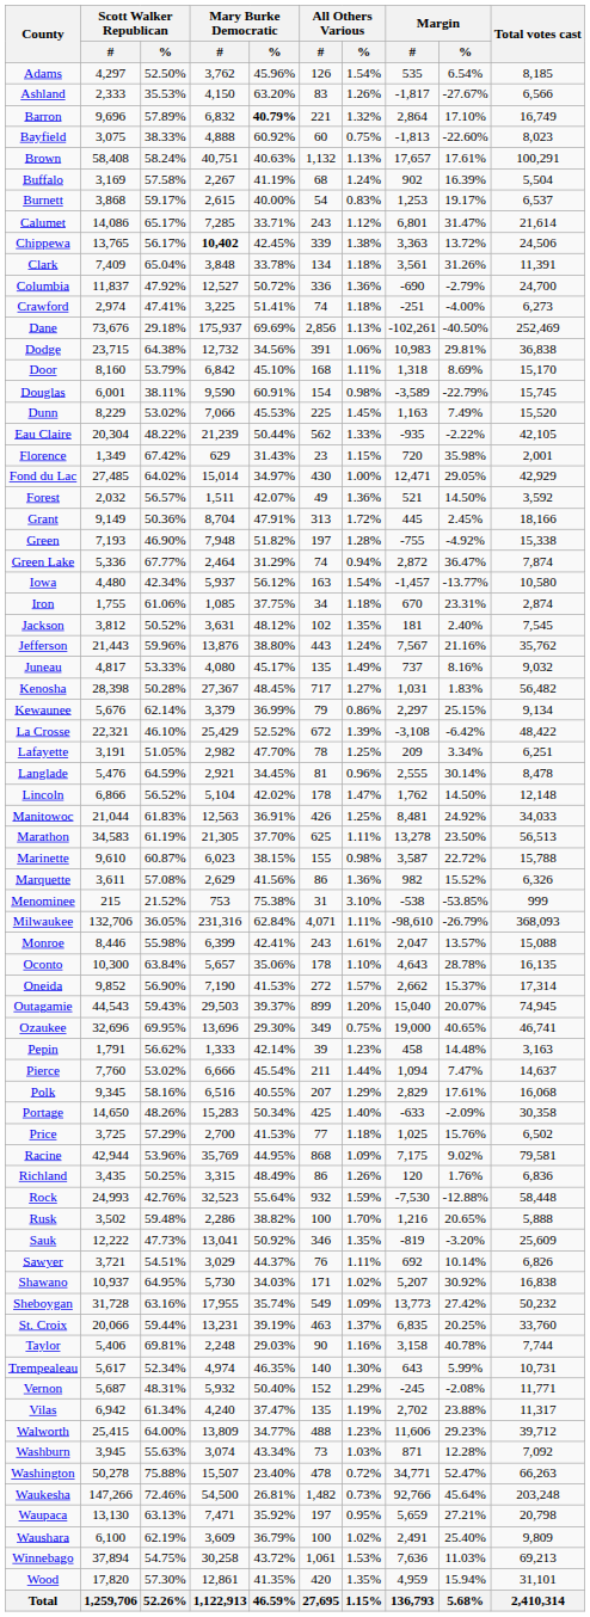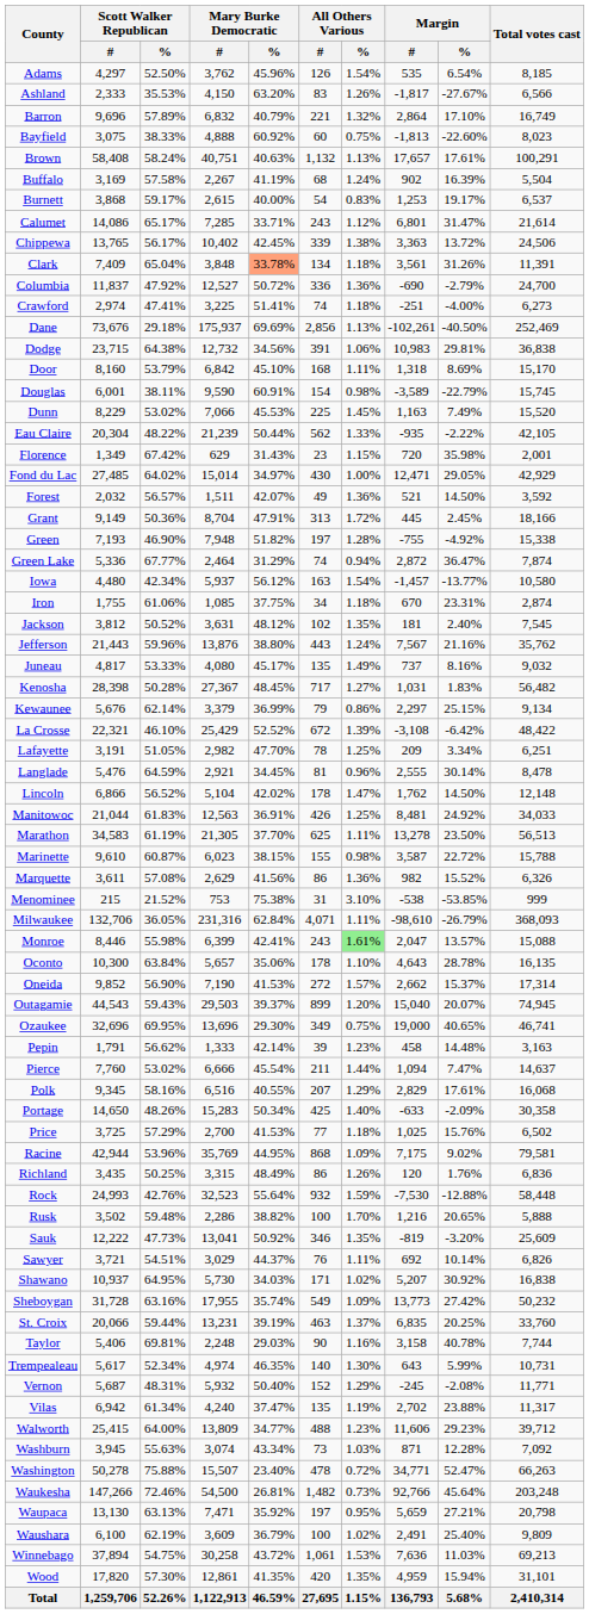 <table class="wikitable sortable" style="text-align:center">
 <tr>
 <th rowspan="2" style="text-align:center;">County</th>
 <th colspan="2" style="text-align:center;">Scott Walker<br>Republican</th>
 <th colspan="2" style="text-align:center;">Mary Burke<br>Democratic</th>
 <th colspan="2" style="text-align:center;">All Others<br>Various</th>
 <th colspan="2" style="text-align:center;">Margin</th>
 <th rowspan="2" style="text-align:center;">Total votes cast</th>
 </tr>
 <tr>
 <th style="text-align:center;" data-sort-type="number">#</th>
 <th style="text-align:center;" data-sort-type="number">%</th>
 <th style="text-align:center;" data-sort-type="number">#</th>
 <th style="text-align:center;" data-sort-type="number">%</th>
 <th style="text-align:center;" data-sort-type="number">#</th>
 <th style="text-align:center;" data-sort-type="number">%</th>
 <th style="text-align:center;" data-sort-type="number">#</th>
 <th style="text-align:center;" data-sort-type="number">%</th>
 </tr>
 <tr style="text-align:center;">
 <td><a href='#'>Adams</a></td>
 <td>4,297</td>
 <td>52.50%</td>
 <td>3,762</td>
 <td>45.96%</td>
 <td>126</td>
 <td>1.54%</td>
 <td>535</td>
 <td>6.54%</td>
 <td>8,185</td>
 </tr>
 <tr style="text-align:center;">
 <td><a href='#'>Ashland</a></td>
 <td>2,333</td>
 <td>35.53%</td>
 <td>4,150</td>
 <td>63.20%</td>
 <td>83</td>
 <td>1.26%</td>
 <td>-1,817</td>
 <td>-27.67%</td>
 <td>6,566</td>
 </tr>
 <tr style="text-align:center;">
 <td><a href='#'>Barron</a></td>
 <td>9,696</td>
 <td>57.89%</td>
 <td>6,832</td>
-<td><strong>40.79%</strong></td>
+<td>40.79%</td>
 <td>221</td>
 <td>1.32%</td>
 <td>2,864</td>
 <td>17.10%</td>
 <td>16,749</td>
 </tr>
 <tr style="text-align:center;">
 <td><a href='#'>Bayfield</a></td>
 <td>3,075</td>
 <td>38.33%</td>
 <td>4,888</td>
 <td>60.92%</td>
 <td>60</td>
 <td>0.75%</td>
 <td>-1,813</td>
 <td>-22.60%</td>
 <td>8,023</td>
 </tr>
 <tr style="text-align:center;">
 <td><a href='#'>Brown</a></td>
 <td>58,408</td>
 <td>58.24%</td>
 <td>40,751</td>
 <td>40.63%</td>
 <td>1,132</td>
 <td>1.13%</td>
 <td>17,657</td>
 <td>17.61%</td>
 <td>100,291</td>
 </tr>
 <tr style="text-align:center;">
 <td><a href='#'>Buffalo</a></td>
 <td>3,169</td>
 <td>57.58%</td>
 <td>2,267</td>
 <td>41.19%</td>
 <td>68</td>
 <td>1.24%</td>
 <td>902</td>
 <td>16.39%</td>
 <td>5,504</td>
 </tr>
 <tr style="text-align:center;">
 <td><a href='#'>Burnett</a></td>
 <td>3,868</td>
 <td>59.17%</td>
 <td>2,615</td>
 <td>40.00%</td>
 <td>54</td>
 <td>0.83%</td>
 <td>1,253</td>
 <td>19.17%</td>
 <td>6,537</td>
 </tr>
 <tr style="text-align:center;">
 <td><a href='#'>Calumet</a></td>
 <td>14,086</td>
 <td>65.17%</td>
 <td>7,285</td>
 <td>33.71%</td>
 <td>243</td>
 <td>1.12%</td>
 <td>6,801</td>
 <td>31.47%</td>
 <td>21,614</td>
 </tr>
 <tr style="text-align:center;">
 <td><a href='#'>Chippewa</a></td>
 <td>13,765</td>
 <td>56.17%</td>
-<td><strong>10,402</strong></td>
+<td>10,402</td>
 <td>42.45%</td>
 <td>339</td>
 <td>1.38%</td>
 <td>3,363</td>
 <td>13.72%</td>
 <td>24,506</td>
 </tr>
 <tr style="text-align:center;">
 <td><a href='#'>Clark</a></td>
 <td>7,409</td>
 <td>65.04%</td>
 <td>3,848</td>
-<td>33.78%</td>
+<td style="background: lightsalmon;">33.78%</td>
 <td>134</td>
 <td>1.18%</td>
 <td>3,561</td>
 <td>31.26%</td>
 <td>11,391</td>
 </tr>
 <tr style="text-align:center;">
 <td><a href='#'>Columbia</a></td>
 <td>11,837</td>
 <td>47.92%</td>
 <td>12,527</td>
 <td>50.72%</td>
 <td>336</td>
 <td>1.36%</td>
 <td>-690</td>
 <td>-2.79%</td>
 <td>24,700</td>
 </tr>
 <tr style="text-align:center;">
 <td><a href='#'>Crawford</a></td>
 <td>2,974</td>
 <td>47.41%</td>
 <td>3,225</td>
 <td>51.41%</td>
 <td>74</td>
 <td>1.18%</td>
 <td>-251</td>
 <td>-4.00%</td>
 <td>6,273</td>
 </tr>
 <tr style="text-align:center;">
 <td><a href='#'>Dane</a></td>
 <td>73,676</td>
 <td>29.18%</td>
 <td>175,937</td>
 <td>69.69%</td>
 <td>2,856</td>
 <td>1.13%</td>
 <td>-102,261</td>
 <td>-40.50%</td>
 <td>252,469</td>
 </tr>
 <tr style="text-align:center;">
 <td><a href='#'>Dodge</a></td>
 <td>23,715</td>
 <td>64.38%</td>
 <td>12,732</td>
 <td>34.56%</td>
 <td>391</td>
 <td>1.06%</td>
 <td>10,983</td>
 <td>29.81%</td>
 <td>36,838</td>
 </tr>
 <tr style="text-align:center;">
 <td><a href='#'>Door</a></td>
 <td>8,160</td>
 <td>53.79%</td>
 <td>6,842</td>
 <td>45.10%</td>
 <td>168</td>
 <td>1.11%</td>
 <td>1,318</td>
 <td>8.69%</td>
 <td>15,170</td>
 </tr>
 <tr style="text-align:center;">
 <td><a href='#'>Douglas</a></td>
 <td>6,001</td>
 <td>38.11%</td>
 <td>9,590</td>
 <td>60.91%</td>
 <td>154</td>
 <td>0.98%</td>
 <td>-3,589</td>
 <td>-22.79%</td>
 <td>15,745</td>
 </tr>
 <tr style="text-align:center;">
 <td><a href='#'>Dunn</a></td>
 <td>8,229</td>
 <td>53.02%</td>
 <td>7,066</td>
 <td>45.53%</td>
 <td>225</td>
 <td>1.45%</td>
 <td>1,163</td>
 <td>7.49%</td>
 <td>15,520</td>
 </tr>
 <tr style="text-align:center;">
 <td><a href='#'>Eau Claire</a></td>
 <td>20,304</td>
 <td>48.22%</td>
 <td>21,239</td>
 <td>50.44%</td>
 <td>562</td>
 <td>1.33%</td>
 <td>-935</td>
 <td>-2.22%</td>
 <td>42,105</td>
 </tr>
 <tr style="text-align:center;">
 <td><a href='#'>Florence</a></td>
 <td>1,349</td>
 <td>67.42%</td>
 <td>629</td>
 <td>31.43%</td>
 <td>23</td>
 <td>1.15%</td>
 <td>720</td>
 <td>35.98%</td>
 <td>2,001</td>
 </tr>
 <tr style="text-align:center;">
 <td><a href='#'>Fond du Lac</a></td>
 <td>27,485</td>
 <td>64.02%</td>
 <td>15,014</td>
 <td>34.97%</td>
 <td>430</td>
 <td>1.00%</td>
 <td>12,471</td>
 <td>29.05%</td>
 <td>42,929</td>
 </tr>
 <tr style="text-align:center;">
 <td><a href='#'>Forest</a></td>
 <td>2,032</td>
 <td>56.57%</td>
 <td>1,511</td>
 <td>42.07%</td>
 <td>49</td>
 <td>1.36%</td>
 <td>521</td>
 <td>14.50%</td>
 <td>3,592</td>
 </tr>
 <tr style="text-align:center;">
 <td><a href='#'>Grant</a></td>
 <td>9,149</td>
 <td>50.36%</td>
 <td>8,704</td>
 <td>47.91%</td>
 <td>313</td>
 <td>1.72%</td>
 <td>445</td>
 <td>2.45%</td>
 <td>18,166</td>
 </tr>
 <tr style="text-align:center;">
 <td><a href='#'>Green</a></td>
 <td>7,193</td>
 <td>46.90%</td>
 <td>7,948</td>
 <td>51.82%</td>
 <td>197</td>
 <td>1.28%</td>
 <td>-755</td>
 <td>-4.92%</td>
 <td>15,338</td>
 </tr>
 <tr style="text-align:center;">
 <td><a href='#'>Green Lake</a></td>
 <td>5,336</td>
 <td>67.77%</td>
 <td>2,464</td>
 <td>31.29%</td>
 <td>74</td>
 <td>0.94%</td>
 <td>2,872</td>
 <td>36.47%</td>
 <td>7,874</td>
 </tr>
 <tr style="text-align:center;">
 <td><a href='#'>Iowa</a></td>
 <td>4,480</td>
 <td>42.34%</td>
 <td>5,937</td>
 <td>56.12%</td>
 <td>163</td>
 <td>1.54%</td>
 <td>-1,457</td>
 <td>-13.77%</td>
 <td>10,580</td>
 </tr>
 <tr style="text-align:center;">
 <td><a href='#'>Iron</a></td>
 <td>1,755</td>
 <td>61.06%</td>
 <td>1,085</td>
 <td>37.75%</td>
 <td>34</td>
 <td>1.18%</td>
 <td>670</td>
 <td>23.31%</td>
 <td>2,874</td>
 </tr>
 <tr style="text-align:center;">
 <td><a href='#'>Jackson</a></td>
 <td>3,812</td>
 <td>50.52%</td>
 <td>3,631</td>
 <td>48.12%</td>
 <td>102</td>
 <td>1.35%</td>
 <td>181</td>
 <td>2.40%</td>
 <td>7,545</td>
 </tr>
 <tr style="text-align:center;">
 <td><a href='#'>Jefferson</a></td>
 <td>21,443</td>
 <td>59.96%</td>
 <td>13,876</td>
 <td>38.80%</td>
 <td>443</td>
 <td>1.24%</td>
 <td>7,567</td>
 <td>21.16%</td>
 <td>35,762</td>
 </tr>
 <tr style="text-align:center;">
 <td><a href='#'>Juneau</a></td>
 <td>4,817</td>
 <td>53.33%</td>
 <td>4,080</td>
 <td>45.17%</td>
 <td>135</td>
 <td>1.49%</td>
 <td>737</td>
 <td>8.16%</td>
 <td>9,032</td>
 </tr>
 <tr style="text-align:center;">
 <td><a href='#'>Kenosha</a></td>
 <td>28,398</td>
 <td>50.28%</td>
 <td>27,367</td>
 <td>48.45%</td>
 <td>717</td>
 <td>1.27%</td>
 <td>1,031</td>
 <td>1.83%</td>
 <td>56,482</td>
 </tr>
 <tr style="text-align:center;">
 <td><a href='#'>Kewaunee</a></td>
 <td>5,676</td>
 <td>62.14%</td>
 <td>3,379</td>
 <td>36.99%</td>
 <td>79</td>
 <td>0.86%</td>
 <td>2,297</td>
 <td>25.15%</td>
 <td>9,134</td>
 </tr>
 <tr style="text-align:center;">
 <td><a href='#'>La Crosse</a></td>
 <td>22,321</td>
 <td>46.10%</td>
 <td>25,429</td>
 <td>52.52%</td>
 <td>672</td>
 <td>1.39%</td>
 <td>-3,108</td>
 <td>-6.42%</td>
 <td>48,422</td>
 </tr>
 <tr style="text-align:center;">
 <td><a href='#'>Lafayette</a></td>
 <td>3,191</td>
 <td>51.05%</td>
 <td>2,982</td>
 <td>47.70%</td>
 <td>78</td>
 <td>1.25%</td>
 <td>209</td>
 <td>3.34%</td>
 <td>6,251</td>
 </tr>
 <tr style="text-align:center;">
 <td><a href='#'>Langlade</a></td>
 <td>5,476</td>
 <td>64.59%</td>
 <td>2,921</td>
 <td>34.45%</td>
 <td>81</td>
 <td>0.96%</td>
 <td>2,555</td>
 <td>30.14%</td>
 <td>8,478</td>
 </tr>
 <tr style="text-align:center;">
 <td><a href='#'>Lincoln</a></td>
 <td>6,866</td>
 <td>56.52%</td>
 <td>5,104</td>
 <td>42.02%</td>
 <td>178</td>
 <td>1.47%</td>
 <td>1,762</td>
 <td>14.50%</td>
 <td>12,148</td>
 </tr>
 <tr style="text-align:center;">
 <td><a href='#'>Manitowoc</a></td>
 <td>21,044</td>
 <td>61.83%</td>
 <td>12,563</td>
 <td>36.91%</td>
 <td>426</td>
 <td>1.25%</td>
 <td>8,481</td>
 <td>24.92%</td>
 <td>34,033</td>
 </tr>
 <tr style="text-align:center;">
 <td><a href='#'>Marathon</a></td>
 <td>34,583</td>
 <td>61.19%</td>
 <td>21,305</td>
 <td>37.70%</td>
 <td>625</td>
 <td>1.11%</td>
 <td>13,278</td>
 <td>23.50%</td>
 <td>56,513</td>
 </tr>
 <tr style="text-align:center;">
 <td><a href='#'>Marinette</a></td>
 <td>9,610</td>
 <td>60.87%</td>
 <td>6,023</td>
 <td>38.15%</td>
 <td>155</td>
 <td>0.98%</td>
 <td>3,587</td>
 <td>22.72%</td>
 <td>15,788</td>
 </tr>
 <tr style="text-align:center;">
 <td><a href='#'>Marquette</a></td>
 <td>3,611</td>
 <td>57.08%</td>
 <td>2,629</td>
 <td>41.56%</td>
 <td>86</td>
 <td>1.36%</td>
 <td>982</td>
 <td>15.52%</td>
 <td>6,326</td>
 </tr>
 <tr style="text-align:center;">
 <td><a href='#'>Menominee</a></td>
 <td>215</td>
 <td>21.52%</td>
 <td>753</td>
 <td>75.38%</td>
 <td>31</td>
 <td>3.10%</td>
 <td>-538</td>
 <td>-53.85%</td>
 <td>999</td>
 </tr>
 <tr style="text-align:center;">
 <td><a href='#'>Milwaukee</a></td>
 <td>132,706</td>
 <td>36.05%</td>
 <td>231,316</td>
 <td>62.84%</td>
 <td>4,071</td>
 <td>1.11%</td>
 <td>-98,610</td>
 <td>-26.79%</td>
 <td>368,093</td>
 </tr>
 <tr style="text-align:center;">
 <td><a href='#'>Monroe</a></td>
 <td>8,446</td>
 <td>55.98%</td>
 <td>6,399</td>
 <td>42.41%</td>
 <td>243</td>
-<td>1.61%</td>
+<td style="background: lightgreen;">1.61%</td>
 <td>2,047</td>
 <td>13.57%</td>
 <td>15,088</td>
 </tr>
 <tr style="text-align:center;">
 <td><a href='#'>Oconto</a></td>
 <td>10,300</td>
 <td>63.84%</td>
 <td>5,657</td>
 <td>35.06%</td>
 <td>178</td>
 <td>1.10%</td>
 <td>4,643</td>
 <td>28.78%</td>
 <td>16,135</td>
 </tr>
 <tr style="text-align:center;">
 <td><a href='#'>Oneida</a></td>
 <td>9,852</td>
 <td>56.90%</td>
 <td>7,190</td>
 <td>41.53%</td>
 <td>272</td>
 <td>1.57%</td>
 <td>2,662</td>
 <td>15.37%</td>
 <td>17,314</td>
 </tr>
 <tr style="text-align:center;">
 <td><a href='#'>Outagamie</a></td>
 <td>44,543</td>
 <td>59.43%</td>
 <td>29,503</td>
 <td>39.37%</td>
 <td>899</td>
 <td>1.20%</td>
 <td>15,040</td>
 <td>20.07%</td>
 <td>74,945</td>
 </tr>
 <tr style="text-align:center;">
 <td><a href='#'>Ozaukee</a></td>
 <td>32,696</td>
 <td>69.95%</td>
 <td>13,696</td>
 <td>29.30%</td>
 <td>349</td>
 <td>0.75%</td>
 <td>19,000</td>
 <td>40.65%</td>
 <td>46,741</td>
 </tr>
 <tr style="text-align:center;">
 <td><a href='#'>Pepin</a></td>
 <td>1,791</td>
 <td>56.62%</td>
 <td>1,333</td>
 <td>42.14%</td>
 <td>39</td>
 <td>1.23%</td>
 <td>458</td>
 <td>14.48%</td>
 <td>3,163</td>
 </tr>
 <tr style="text-align:center;">
 <td><a href='#'>Pierce</a></td>
 <td>7,760</td>
 <td>53.02%</td>
 <td>6,666</td>
 <td>45.54%</td>
 <td>211</td>
 <td>1.44%</td>
 <td>1,094</td>
 <td>7.47%</td>
 <td>14,637</td>
 </tr>
 <tr style="text-align:center;">
 <td><a href='#'>Polk</a></td>
 <td>9,345</td>
 <td>58.16%</td>
 <td>6,516</td>
 <td>40.55%</td>
 <td>207</td>
 <td>1.29%</td>
 <td>2,829</td>
 <td>17.61%</td>
 <td>16,068</td>
 </tr>
 <tr style="text-align:center;">
 <td><a href='#'>Portage</a></td>
 <td>14,650</td>
 <td>48.26%</td>
 <td>15,283</td>
 <td>50.34%</td>
 <td>425</td>
 <td>1.40%</td>
 <td>-633</td>
 <td>-2.09%</td>
 <td>30,358</td>
 </tr>
 <tr style="text-align:center;">
 <td><a href='#'>Price</a></td>
 <td>3,725</td>
 <td>57.29%</td>
 <td>2,700</td>
 <td>41.53%</td>
 <td>77</td>
 <td>1.18%</td>
 <td>1,025</td>
 <td>15.76%</td>
 <td>6,502</td>
 </tr>
 <tr style="text-align:center;">
 <td><a href='#'>Racine</a></td>
 <td>42,944</td>
 <td>53.96%</td>
 <td>35,769</td>
 <td>44.95%</td>
 <td>868</td>
 <td>1.09%</td>
 <td>7,175</td>
 <td>9.02%</td>
 <td>79,581</td>
 </tr>
 <tr style="text-align:center;">
 <td><a href='#'>Richland</a></td>
 <td>3,435</td>
 <td>50.25%</td>
 <td>3,315</td>
 <td>48.49%</td>
 <td>86</td>
 <td>1.26%</td>
 <td>120</td>
 <td>1.76%</td>
 <td>6,836</td>
 </tr>
 <tr style="text-align:center;">
 <td><a href='#'>Rock</a></td>
 <td>24,993</td>
 <td>42.76%</td>
 <td>32,523</td>
 <td>55.64%</td>
 <td>932</td>
 <td>1.59%</td>
 <td>-7,530</td>
 <td>-12.88%</td>
 <td>58,448</td>
 </tr>
 <tr style="text-align:center;">
 <td><a href='#'>Rusk</a></td>
 <td>3,502</td>
 <td>59.48%</td>
 <td>2,286</td>
 <td>38.82%</td>
 <td>100</td>
 <td>1.70%</td>
 <td>1,216</td>
 <td>20.65%</td>
 <td>5,888</td>
 </tr>
 <tr style="text-align:center;">
 <td><a href='#'>Sauk</a></td>
 <td>12,222</td>
 <td>47.73%</td>
 <td>13,041</td>
 <td>50.92%</td>
 <td>346</td>
 <td>1.35%</td>
 <td>-819</td>
 <td>-3.20%</td>
 <td>25,609</td>
 </tr>
 <tr style="text-align:center;">
 <td><a href='#'>Sawyer</a></td>
 <td>3,721</td>
 <td>54.51%</td>
 <td>3,029</td>
 <td>44.37%</td>
 <td>76</td>
 <td>1.11%</td>
 <td>692</td>
 <td>10.14%</td>
 <td>6,826</td>
 </tr>
 <tr style="text-align:center;">
 <td><a href='#'>Shawano</a></td>
 <td>10,937</td>
 <td>64.95%</td>
 <td>5,730</td>
 <td>34.03%</td>
 <td>171</td>
 <td>1.02%</td>
 <td>5,207</td>
 <td>30.92%</td>
 <td>16,838</td>
 </tr>
 <tr style="text-align:center;">
 <td><a href='#'>Sheboygan</a></td>
 <td>31,728</td>
 <td>63.16%</td>
 <td>17,955</td>
 <td>35.74%</td>
 <td>549</td>
 <td>1.09%</td>
 <td>13,773</td>
 <td>27.42%</td>
 <td>50,232</td>
 </tr>
 <tr style="text-align:center;">
 <td><a href='#'>St. Croix</a></td>
 <td>20,066</td>
 <td>59.44%</td>
 <td>13,231</td>
 <td>39.19%</td>
 <td>463</td>
 <td>1.37%</td>
 <td>6,835</td>
 <td>20.25%</td>
 <td>33,760</td>
 </tr>
 <tr style="text-align:center;">
 <td><a href='#'>Taylor</a></td>
 <td>5,406</td>
 <td>69.81%</td>
 <td>2,248</td>
 <td>29.03%</td>
 <td>90</td>
 <td>1.16%</td>
 <td>3,158</td>
 <td>40.78%</td>
 <td>7,744</td>
 </tr>
 <tr style="text-align:center;">
 <td><a href='#'>Trempealeau</a></td>
 <td>5,617</td>
 <td>52.34%</td>
 <td>4,974</td>
 <td>46.35%</td>
 <td>140</td>
 <td>1.30%</td>
 <td>643</td>
 <td>5.99%</td>
 <td>10,731</td>
 </tr>
 <tr style="text-align:center;">
 <td><a href='#'>Vernon</a></td>
 <td>5,687</td>
 <td>48.31%</td>
 <td>5,932</td>
 <td>50.40%</td>
 <td>152</td>
 <td>1.29%</td>
 <td>-245</td>
 <td>-2.08%</td>
 <td>11,771</td>
 </tr>
 <tr style="text-align:center;">
 <td><a href='#'>Vilas</a></td>
 <td>6,942</td>
 <td>61.34%</td>
 <td>4,240</td>
 <td>37.47%</td>
 <td>135</td>
 <td>1.19%</td>
 <td>2,702</td>
 <td>23.88%</td>
 <td>11,317</td>
 </tr>
 <tr style="text-align:center;">
 <td><a href='#'>Walworth</a></td>
 <td>25,415</td>
 <td>64.00%</td>
 <td>13,809</td>
 <td>34.77%</td>
 <td>488</td>
 <td>1.23%</td>
 <td>11,606</td>
 <td>29.23%</td>
 <td>39,712</td>
 </tr>
 <tr style="text-align:center;">
 <td><a href='#'>Washburn</a></td>
 <td>3,945</td>
 <td>55.63%</td>
 <td>3,074</td>
 <td>43.34%</td>
 <td>73</td>
 <td>1.03%</td>
 <td>871</td>
 <td>12.28%</td>
 <td>7,092</td>
 </tr>
 <tr style="text-align:center;">
 <td><a href='#'>Washington</a></td>
 <td>50,278</td>
 <td>75.88%</td>
 <td>15,507</td>
 <td>23.40%</td>
 <td>478</td>
 <td>0.72%</td>
 <td>34,771</td>
 <td>52.47%</td>
 <td>66,263</td>
 </tr>
 <tr style="text-align:center;">
 <td><a href='#'>Waukesha</a></td>
 <td>147,266</td>
 <td>72.46%</td>
 <td>54,500</td>
 <td>26.81%</td>
 <td>1,482</td>
 <td>0.73%</td>
 <td>92,766</td>
 <td>45.64%</td>
 <td>203,248</td>
 </tr>
 <tr style="text-align:center;">
 <td><a href='#'>Waupaca</a></td>
 <td>13,130</td>
 <td>63.13%</td>
 <td>7,471</td>
 <td>35.92%</td>
 <td>197</td>
 <td>0.95%</td>
 <td>5,659</td>
 <td>27.21%</td>
 <td>20,798</td>
 </tr>
 <tr style="text-align:center;">
 <td><a href='#'>Waushara</a></td>
 <td>6,100</td>
 <td>62.19%</td>
 <td>3,609</td>
 <td>36.79%</td>
 <td>100</td>
 <td>1.02%</td>
 <td>2,491</td>
 <td>25.40%</td>
 <td>9,809</td>
 </tr>
 <tr style="text-align:center;">
 <td><a href='#'>Winnebago</a></td>
 <td>37,894</td>
 <td>54.75%</td>
 <td>30,258</td>
 <td>43.72%</td>
 <td>1,061</td>
 <td>1.53%</td>
 <td>7,636</td>
 <td>11.03%</td>
 <td>69,213</td>
 </tr>
 <tr style="text-align:center;">
 <td><a href='#'>Wood</a></td>
 <td>17,820</td>
 <td>57.30%</td>
 <td>12,861</td>
 <td>41.35%</td>
 <td>420</td>
 <td>1.35%</td>
 <td>4,959</td>
 <td>15.94%</td>
 <td>31,101</td>
 </tr>
 <tr>
 <th>Total</th>
 <th>1,259,706</th>
 <th>52.26%</th>
 <th>1,122,913</th>
 <th>46.59%</th>
 <th>27,695</th>
 <th>1.15%</th>
 <th>136,793</th>
 <th>5.68%</th>
 <th>2,410,314</th>
 </tr>
 </table>
